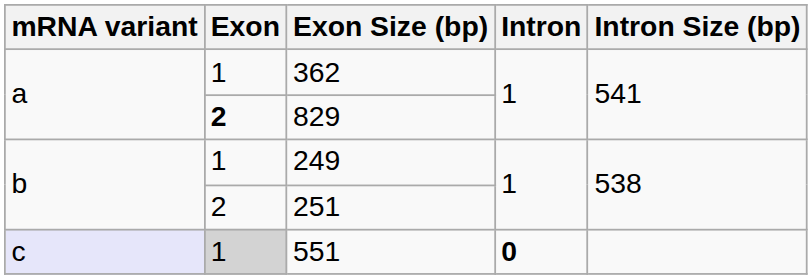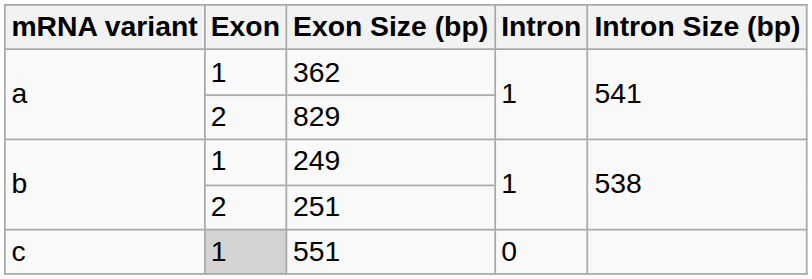 <table class="wikitable sortable">
 <tr>
 <th>mRNA variant</th>
 <th>Exon</th>
 <th>Exon Size (bp)</th>
 <th>Intron</th>
 <th>Intron Size (bp)</th>
 </tr>
 <tr>
 <td rowspan="2">a</td>
 <td>1</td>
 <td>362</td>
 <td rowspan="2">1</td>
 <td rowspan="2">541</td>
 </tr>
 <tr>
-<td><strong>2</strong></td>
+<td>2</td>
 <td>829</td>
 </tr>
 <tr>
 <td rowspan="2">b</td>
 <td>1</td>
 <td>249</td>
 <td rowspan="2">1</td>
 <td rowspan="2">538</td>
 </tr>
 <tr>
 <td>2</td>
 <td>251</td>
 </tr>
 <tr>
-<td style="background: lavender;">c</td>
+<td>c</td>
 <td style="background: lightgrey;">1</td>
 <td>551</td>
-<td><strong>0</strong></td>
+<td>0</td>
 <td></td>
 </tr>
 </table>
